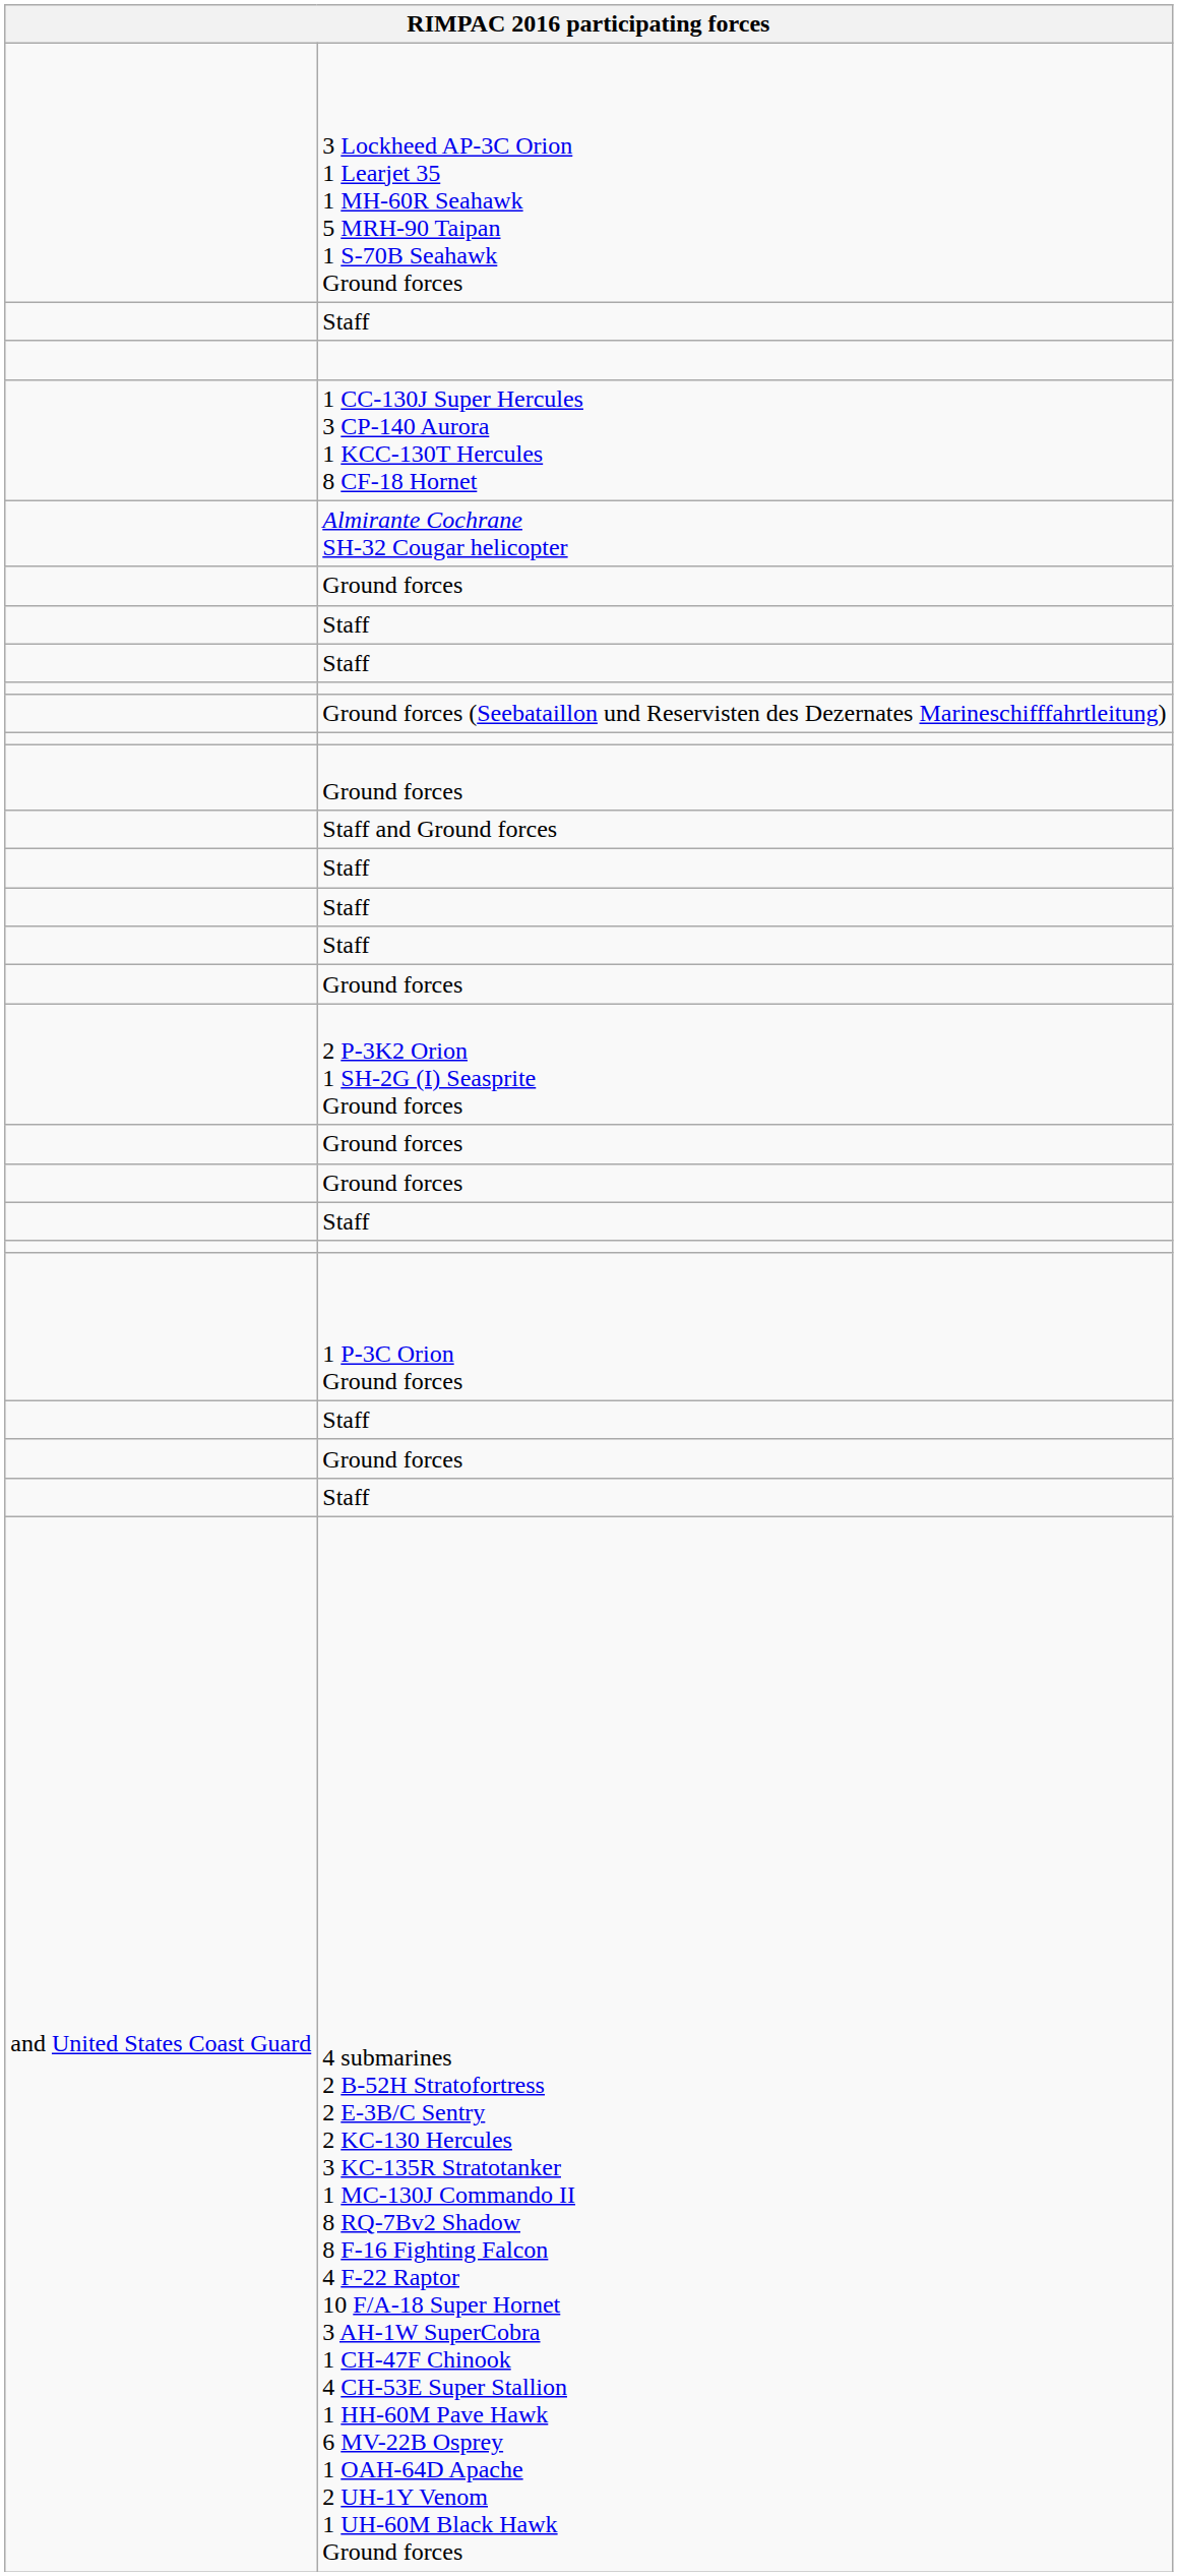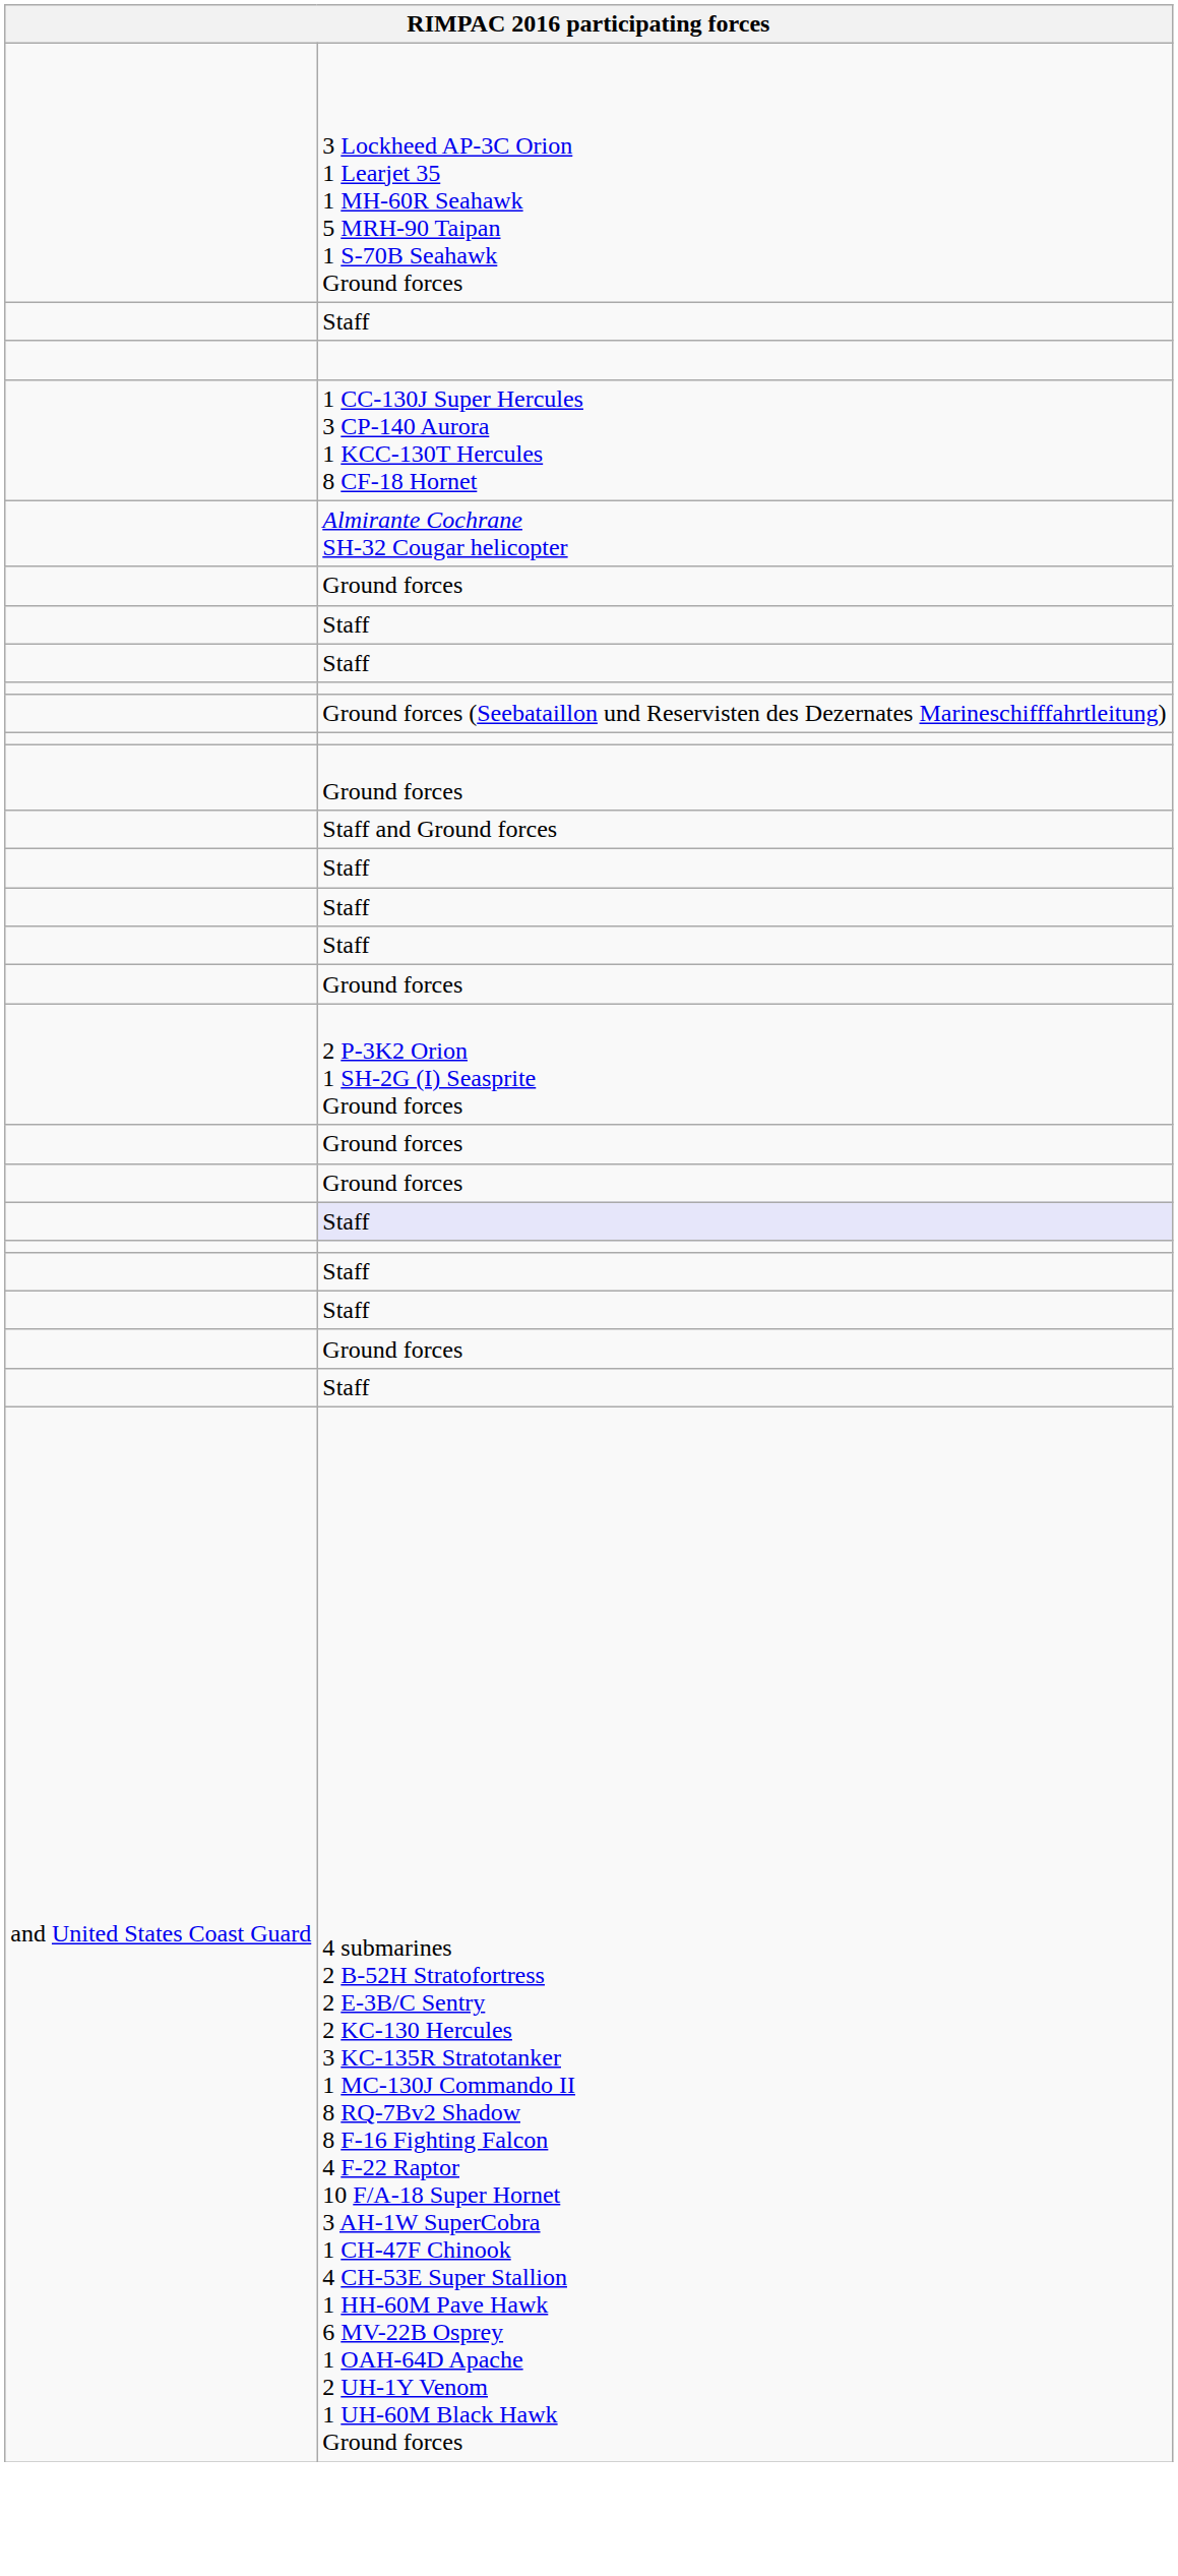 <table class="wikitable collapsible collapsed">
 <tr>
 <th colspan="2">RIMPAC 2016 participating forces</th>
 </tr>
 <tr>
 <td></td>
 <td><br><br><br>3 <a href='#'>Lockheed AP-3C Orion</a><br>1 <a href='#'>Learjet 35</a><br>1 <a href='#'>MH-60R Seahawk</a><br>5 <a href='#'>MRH-90 Taipan</a><br>1 <a href='#'>S-70B Seahawk</a><br>Ground forces</td>
 </tr>
 <tr>
 <td></td>
 <td>Staff</td>
 </tr>
 <tr>
 <td></td>
 <td><br></td>
 </tr>
 <tr>
 <td></td>
 <td>1 <a href='#'>CC-130J Super Hercules</a><br>3 <a href='#'>CP-140 Aurora</a><br>1 <a href='#'>KCC-130T Hercules</a><br>8 <a href='#'>CF-18 Hornet</a></td>
 </tr>
 <tr>
 <td></td>
 <td><a href='#'><em>Almirante Cochrane</em></a><br><a href='#'>SH-32 Cougar helicopter</a></td>
 </tr>
 <tr>
 <td></td>
 <td>Ground forces</td>
 </tr>
 <tr>
 <td></td>
 <td>Staff</td>
 </tr>
 <tr>
 <td></td>
 <td>Staff</td>
 </tr>
 <tr>
 <td></td>
 <td></td>
 </tr>
 <tr>
 <td></td>
 <td>Ground forces (<a href='#'>Seebataillon</a> und Reservisten des Dezernates <a href='#'>Marineschifffahrtleitung</a>)</td>
 </tr>
 <tr>
 <td></td>
 <td></td>
 </tr>
 <tr>
 <td></td>
 <td><br> Ground forces</td>
 </tr>
 <tr>
 <td></td>
 <td>Staff and Ground forces</td>
 </tr>
 <tr>
 <td></td>
 <td>Staff</td>
 </tr>
 <tr>
 <td></td>
 <td>Staff</td>
 </tr>
 <tr>
 <td></td>
 <td>Staff</td>
 </tr>
 <tr>
 <td></td>
 <td>Ground forces</td>
 </tr>
 <tr>
 <td></td>
 <td><br>2 <a href='#'>P-3K2 Orion</a> <br>1 <a href='#'>SH-2G (I) Seasprite</a> <br>Ground forces</td>
 </tr>
 <tr>
 <td></td>
 <td>Ground forces</td>
 </tr>
 <tr>
 <td></td>
 <td>Ground forces</td>
 </tr>
 <tr>
 <td></td>
-<td>Staff</td>
+<td style="background: lavender;">Staff</td>
 </tr>
 <tr>
 <td></td>
 <td></td>
 </tr>
 <tr>
 <td></td>
-<td><br><br><br>1 <a href='#'>P-3C Orion</a><br>Ground forces</td>
+<td>Staff</td>
 </tr>
 <tr>
 <td></td>
 <td>Staff</td>
 </tr>
 <tr>
 <td></td>
 <td>Ground forces</td>
 </tr>
 <tr>
 <td></td>
 <td>Staff</td>
 </tr>
 <tr>
 <td> and <a href='#'>United States Coast Guard</a></td>
 <td><br><br><br><br> <br><br><br><br><br><br><br><br><br><br><br><br><br><br><br>4 submarines<br>2 <a href='#'>B-52H Stratofortress</a><br>2 <a href='#'>E-3B/C Sentry</a><br>2 <a href='#'>KC-130 Hercules</a><br>3 <a href='#'>KC-135R Stratotanker</a><br>1 <a href='#'>MC-130J Commando II</a><br>8 <a href='#'>RQ-7Bv2 Shadow</a><br>8 <a href='#'>F-16 Fighting Falcon</a><br>4 <a href='#'>F-22 Raptor</a><br>10 <a href='#'>F/A-18 Super Hornet</a><br>3 <a href='#'>AH-1W SuperCobra</a><br>1 <a href='#'>CH-47F Chinook</a><br>4 <a href='#'>CH-53E Super Stallion</a><br>1 <a href='#'>HH-60M Pave Hawk</a><br>6 <a href='#'>MV-22B Osprey</a><br>1 <a href='#'>OAH-64D Apache</a><br>2 <a href='#'>UH-1Y Venom</a><br>1 <a href='#'>UH-60M Black Hawk</a><br>Ground forces</td>
 </tr>
 </table>
